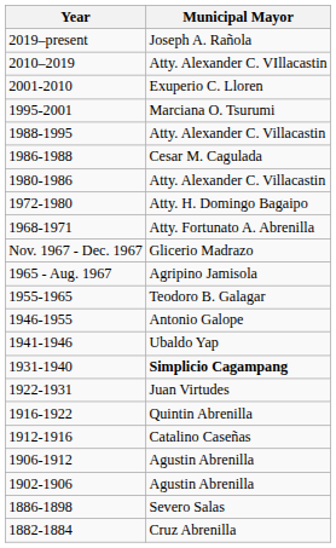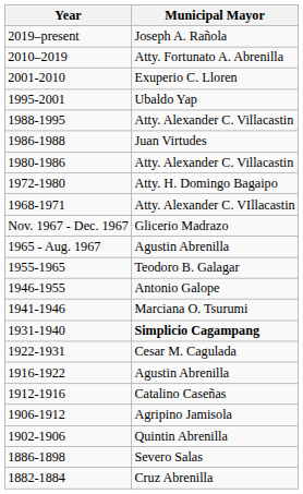 <table class="wikitable">
 <tr>
 <th>Year</th>
 <th>Municipal Mayor</th>
 </tr>
 <tr>
 <td>2019–present</td>
 <td>Joseph A. Rañola</td>
 </tr>
 <tr>
 <td>2010–2019</td>
-<td>Atty. Alexander C. VIllacastin</td>
+<td>Atty. Fortunato A. Abrenilla</td>
 </tr>
 <tr>
 <td>2001-2010</td>
 <td>Exuperio C. Lloren</td>
 </tr>
 <tr>
 <td>1995-2001</td>
-<td>Marciana O. Tsurumi</td>
+<td>Ubaldo Yap</td>
 </tr>
 <tr>
 <td>1988-1995</td>
 <td>Atty. Alexander C. Villacastin</td>
 </tr>
 <tr>
 <td>1986-1988</td>
-<td>Cesar M. Cagulada</td>
+<td>Juan Virtudes</td>
 </tr>
 <tr>
 <td>1980-1986</td>
 <td>Atty. Alexander C. Villacastin</td>
 </tr>
 <tr>
 <td>1972-1980</td>
 <td>Atty. H. Domingo Bagaipo</td>
 </tr>
 <tr>
 <td>1968-1971</td>
-<td>Atty. Fortunato A. Abrenilla</td>
+<td>Atty. Alexander C. VIllacastin</td>
 </tr>
 <tr>
 <td>Nov. 1967 - Dec. 1967</td>
 <td>Glicerio Madrazo</td>
 </tr>
 <tr>
 <td>1965 - Aug. 1967</td>
-<td>Agripino Jamisola</td>
+<td>Agustin Abrenilla</td>
 </tr>
 <tr>
 <td>1955-1965</td>
 <td>Teodoro B. Galagar</td>
 </tr>
 <tr>
 <td>1946-1955</td>
 <td>Antonio Galope</td>
 </tr>
 <tr>
 <td>1941-1946</td>
-<td>Ubaldo Yap</td>
+<td>Marciana O. Tsurumi</td>
 </tr>
 <tr>
 <td>1931-1940</td>
 <td><strong>Simplicio Cagampang</strong></td>
 </tr>
 <tr>
 <td>1922-1931</td>
-<td>Juan Virtudes</td>
+<td>Cesar M. Cagulada</td>
 </tr>
 <tr>
 <td>1916-1922</td>
-<td>Quintin Abrenilla</td>
+<td>Agustin Abrenilla</td>
 </tr>
 <tr>
 <td>1912-1916</td>
 <td>Catalino Caseñas</td>
 </tr>
 <tr>
 <td>1906-1912</td>
-<td>Agustin Abrenilla</td>
+<td>Agripino Jamisola</td>
 </tr>
 <tr>
 <td>1902-1906</td>
-<td>Agustin Abrenilla</td>
+<td>Quintin Abrenilla</td>
 </tr>
 <tr>
 <td>1886-1898</td>
 <td>Severo Salas</td>
 </tr>
 <tr>
 <td>1882-1884</td>
 <td>Cruz Abrenilla</td>
 </tr>
 </table>
